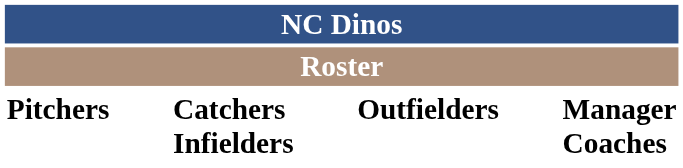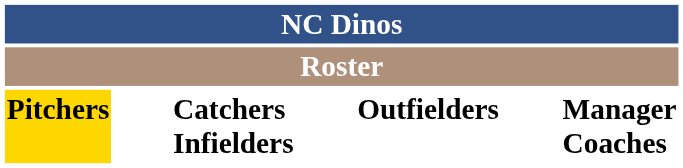 <table class="toccolours" style="font-size:95%;">
 <tr>
 <th colspan="10" style="background:#315288; color:#FFFFFF; text-align:center;">NC Dinos</th>
 </tr>
 <tr>
 <th colspan="10" style="background:#AF917B; color:#FFFFFF; text-align:center;">Roster</th>
 </tr>
 <tr>
-<td valign="top"><strong>Pitchers</strong><br>          </td>
+<td valign="top" style="background: gold;"><strong>Pitchers</strong><br>          </td>
 <td style="width:25px;"></td>
 <td valign="top"><strong>Catchers</strong><br>  <strong>Infielders</strong>         </td>
 <td style="width:25px;"></td>
 <td valign="top"><strong>Outfielders</strong><br>     </td>
 <td style="width:25px;"></td>
 <td valign="top"><strong>Manager</strong><br> <strong>Coaches</strong>        </td>
 </tr>
 </table>
